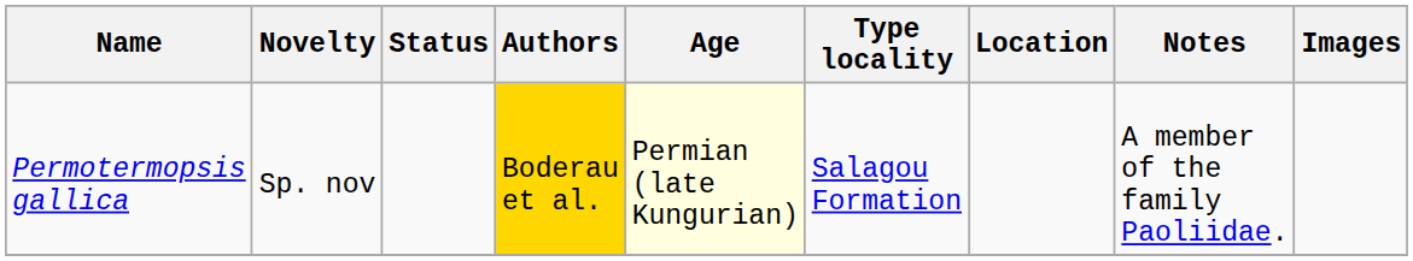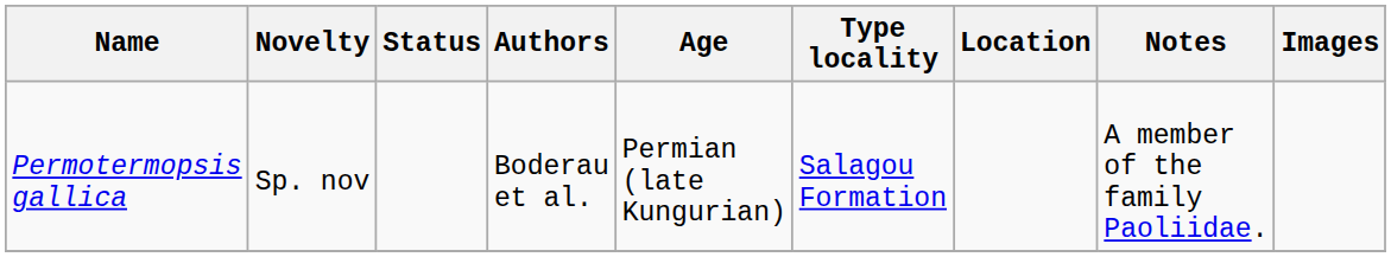 <table class="wikitable sortable" align="center" width="100%">
 <tr>
 <th>Name</th>
 <th>Novelty</th>
 <th>Status</th>
 <th>Authors</th>
 <th>Age</th>
 <th>Type locality</th>
 <th>Location</th>
 <th>Notes</th>
 <th>Images</th>
 </tr>
 <tr>
 <td><br><em><a href='#'>Permotermopsis gallica</a></em></td>
 <td><br>Sp. nov</td>
 <td></td>
-<td style="background: gold;"><br>Boderau et al.</td>
-<td style="background: lightyellow;"><br>Permian (late Kungurian)</td>
+<td><br>Boderau et al.</td>
+<td><br>Permian (late Kungurian)</td>
 <td><br><a href='#'>Salagou Formation</a></td>
 <td><br></td>
 <td><br>A member of the family <a href='#'>Paoliidae</a>.</td>
 <td></td>
 </tr>
 <tr>
 </tr>
 </table>
